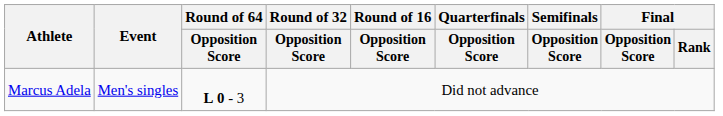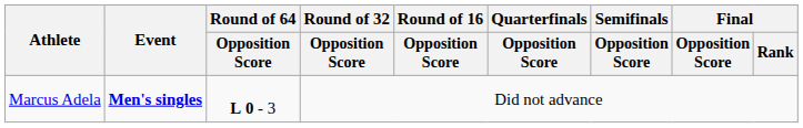 <table class=wikitable style=font-size:90%;text-align:center>
 <tr>
 <th rowspan=2>Athlete</th>
 <th rowspan=2>Event</th>
 <th>Round of 64</th>
 <th>Round of 32</th>
 <th>Round of 16</th>
 <th>Quarterfinals</th>
 <th>Semifinals</th>
 <th colspan=2>Final</th>
 </tr>
 <tr style=font-size:95%>
 <th>Opposition<br>Score</th>
 <th>Opposition<br>Score</th>
 <th>Opposition<br>Score</th>
 <th>Opposition<br>Score</th>
 <th>Opposition<br>Score</th>
 <th>Opposition<br>Score</th>
 <th>Rank</th>
 </tr>
 <tr>
 <td align=left><a href='#'>Marcus Adela</a></td>
-<td align=left><a href='#'>Men's singles</a></td>
+<td align=left><strong><a href='#'>Men's singles</a></strong></td>
 <td><br><strong>L</strong> <strong>0</strong> - 3</td>
 <td colspan=6>Did not advance</td>
 </tr>
 </table>
